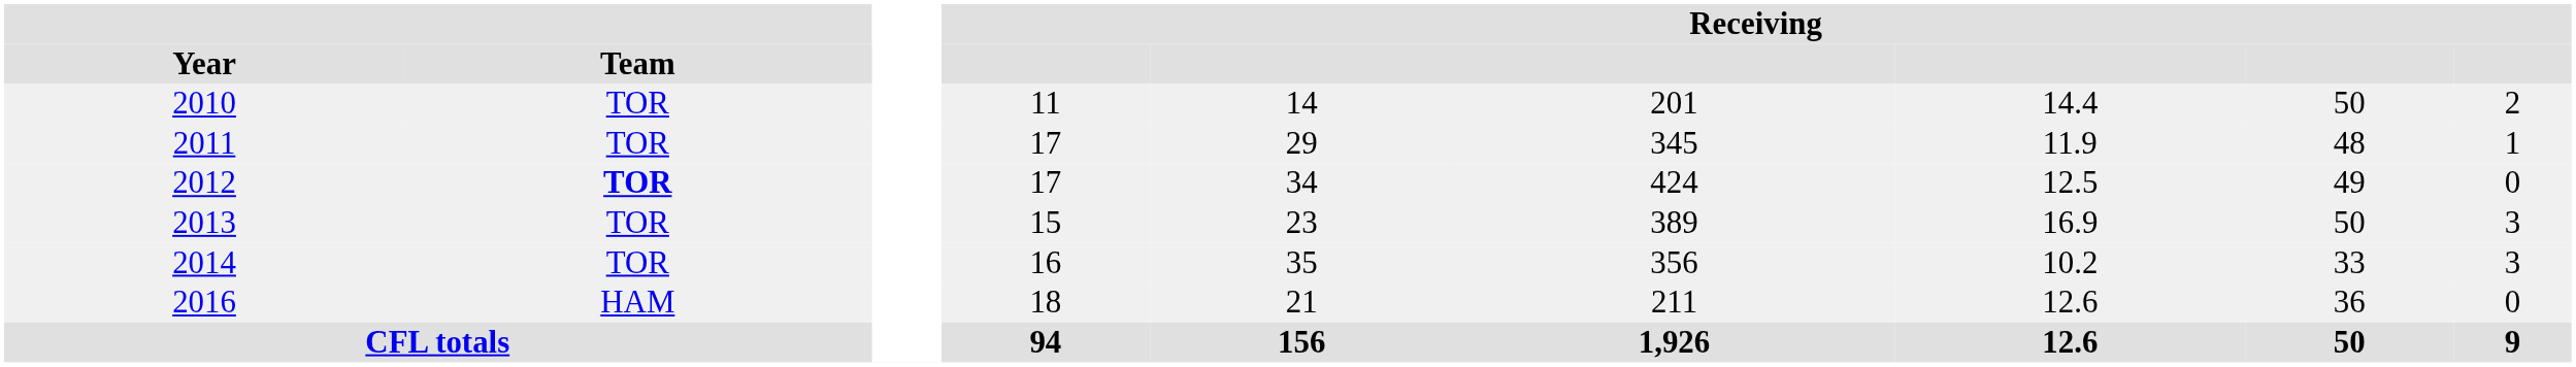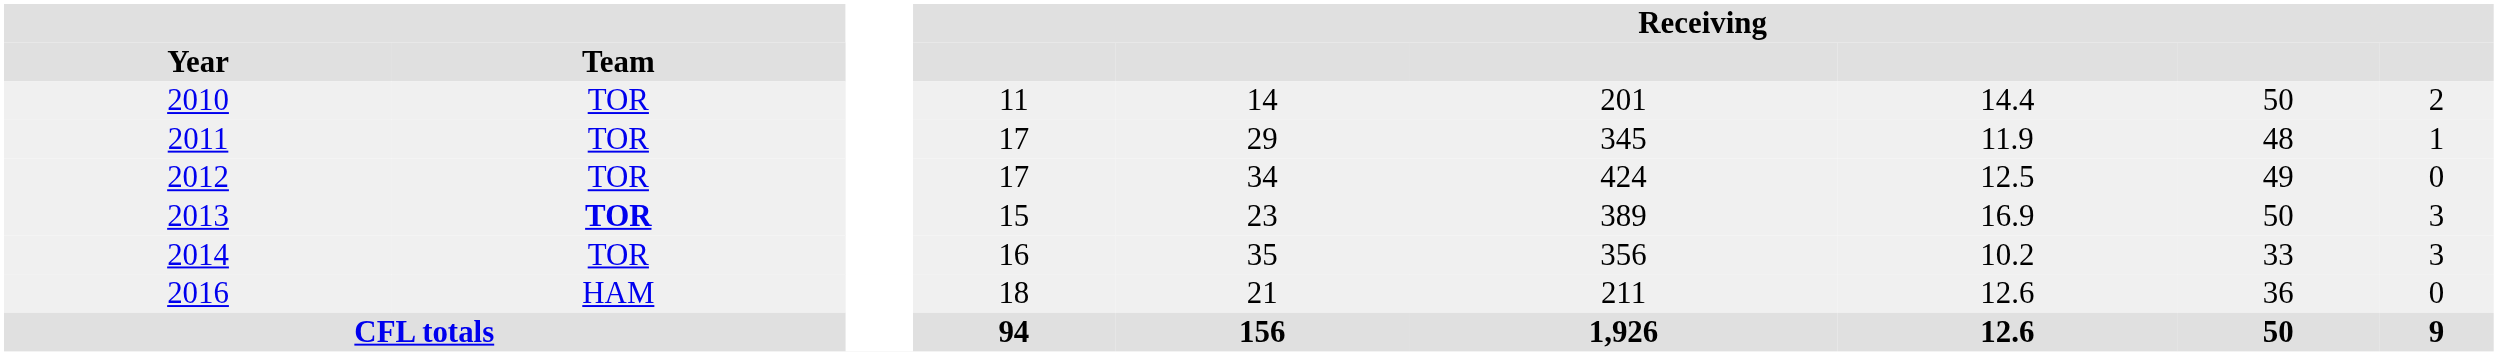 <table BORDER="0" CELLPADDING="1" CELLSPACING="0" width="65%" style="text-align:center">
 <tr bgcolor="#e0e0e0">
 <th colspan="2"></th>
 <th rowspan="100" bgcolor="#ffffff"> </th>
 <th colspan="6">Receiving</th>
 </tr>
 <tr bgcolor="#e0e0e0">
 <th>Year</th>
 <th>Team</th>
 <th></th>
 <th></th>
 <th></th>
 <th></th>
 <th></th>
 <th></th>
 </tr>
 <tr ALIGN="center" bgcolor="#f0f0f0">
 <td><a href='#'>2010</a></td>
 <td><a href='#'>TOR</a></td>
 <td>11</td>
 <td>14</td>
 <td>201</td>
 <td>14.4</td>
 <td>50</td>
 <td>2</td>
 </tr>
 <tr ALIGN="center" bgcolor="#f0f0f0">
 <td><a href='#'>2011</a></td>
 <td><a href='#'>TOR</a></td>
 <td>17</td>
 <td>29</td>
 <td>345</td>
 <td>11.9</td>
 <td>48</td>
 <td>1</td>
 </tr>
 <tr ALIGN="center" bgcolor="#f0f0f0">
 <td><a href='#'>2012</a></td>
-<td><strong><a href='#'>TOR</a></strong></td>
+<td><a href='#'>TOR</a></td>
 <td>17</td>
 <td>34</td>
 <td>424</td>
 <td>12.5</td>
 <td>49</td>
 <td>0</td>
 </tr>
 <tr ALIGN="center" bgcolor="#f0f0f0">
 <td><a href='#'>2013</a></td>
-<td><a href='#'>TOR</a></td>
+<td><strong><a href='#'>TOR</a></strong></td>
 <td>15</td>
 <td>23</td>
 <td>389</td>
 <td>16.9</td>
 <td>50</td>
 <td>3</td>
 </tr>
 <tr ALIGN="center" bgcolor="#f0f0f0">
 <td><a href='#'>2014</a></td>
 <td><a href='#'>TOR</a></td>
 <td>16</td>
 <td>35</td>
 <td>356</td>
 <td>10.2</td>
 <td>33</td>
 <td>3</td>
 </tr>
 <tr ALIGN="center" bgcolor="#f0f0f0">
 <td><a href='#'>2016</a></td>
 <td><a href='#'>HAM</a></td>
 <td>18</td>
 <td>21</td>
 <td>211</td>
 <td>12.6</td>
 <td>36</td>
 <td>0</td>
 </tr>
 <tr bgcolor="#e0e0e0">
 <th colspan="2"><a href='#'>CFL totals</a></th>
 <th>94</th>
 <th>156</th>
 <th>1,926</th>
 <th>12.6</th>
 <th>50</th>
 <th>9</th>
 </tr>
 </table>
